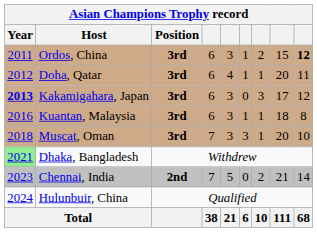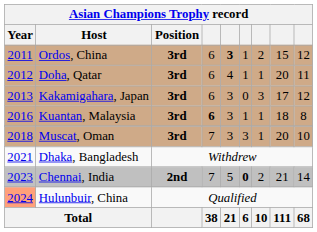 <table class="wikitable" style="text-align: center;">
 <tr>
 <th colspan=10><a href='#'>Asian Champions Trophy</a> record</th>
 </tr>
 <tr>
 <th>Year</th>
 <th>Host</th>
 <th>Position</th>
 <th></th>
 <th></th>
 <th></th>
 <th></th>
 <th></th>
 <th></th>
 </tr>
 <tr bgcolor=#CFAA88>
 <td><a href='#'>2011</a></td>
 <td align=left> <a href='#'>Ordos</a>, China</td>
 <td><strong>3rd</strong></td>
 <td>6</td>
-<td>3</td>
+<td><strong>3</strong></td>
 <td>1</td>
 <td>2</td>
 <td>15</td>
-<td><strong>12</strong></td>
+<td>12</td>
 </tr>
 <tr bgcolor=#CFAA88>
 <td><a href='#'>2012</a></td>
 <td align=left> <a href='#'>Doha</a>, Qatar</td>
 <td><strong>3rd</strong></td>
 <td>6</td>
 <td>4</td>
 <td>1</td>
 <td>1</td>
 <td>20</td>
 <td>11</td>
 </tr>
 <tr bgcolor=#CFAA88>
-<td><strong><a href='#'>2013</a></strong></td>
+<td><a href='#'>2013</a></td>
 <td align=left> <a href='#'>Kakamigahara</a>, Japan</td>
 <td><strong>3rd</strong></td>
 <td>6</td>
 <td>3</td>
 <td>0</td>
 <td>3</td>
 <td>17</td>
 <td>12</td>
 </tr>
 <tr bgcolor=#CFAA88>
 <td><a href='#'>2016</a></td>
 <td align=left>  <a href='#'>Kuantan</a>, Malaysia</td>
 <td><strong>3rd</strong></td>
-<td>6</td>
+<td><strong>6</strong></td>
 <td>3</td>
 <td>1</td>
 <td>1</td>
 <td>18</td>
 <td>8</td>
 </tr>
 <tr>
 </tr>
 <tr bgcolor=#CFAA88>
 <td><a href='#'>2018</a></td>
 <td align=left> <a href='#'>Muscat</a>, Oman</td>
 <td><strong>3rd</strong></td>
 <td>7</td>
 <td>3</td>
 <td>3</td>
 <td>1</td>
 <td>20</td>
 <td>10</td>
 </tr>
 <tr>
-<td style="background: lightgreen;"><a href='#'>2021</a></td>
+<td><a href='#'>2021</a></td>
 <td align=left> <a href='#'>Dhaka</a>, Bangladesh</td>
 <td colspan=7><em>Withdrew</em></td>
 </tr>
 <tr bgcolor=silver>
 <td><a href='#'>2023</a></td>
 <td align=left> <a href='#'>Chennai</a>, India</td>
 <td><strong>2nd</strong></td>
 <td>7</td>
 <td>5</td>
-<td>0</td>
+<td><strong>0</strong></td>
 <td>2</td>
 <td>21</td>
 <td>14</td>
 </tr>
 <tr>
-<td><a href='#'>2024</a></td>
+<td style="background: lightsalmon;"><a href='#'>2024</a></td>
 <td align=left> <a href='#'>Hulunbuir</a>, China</td>
 <td colspan=7><em>Qualified</em></td>
 </tr>
 <tr>
 <th colspan="2">Total</th>
 <th></th>
 <th>38</th>
 <th>21</th>
 <th>6</th>
 <th>10</th>
 <th>111</th>
 <th>68</th>
 </tr>
 </table>
